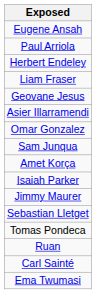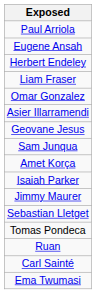 <table class="wikitable" style="text-align:center">
 <tr>
 <th>Exposed</th>
 </tr>
 <tr>
-<td><a href='#'>Eugene Ansah</a></td>
+<td><a href='#'>Paul Arriola</a></td>
 </tr>
 <tr>
-<td><a href='#'>Paul Arriola</a></td>
+<td><a href='#'>Eugene Ansah</a></td>
 </tr>
 <tr>
 <td><a href='#'>Herbert Endeley</a></td>
 </tr>
 <tr>
 <td><a href='#'>Liam Fraser</a></td>
 </tr>
 <tr>
-<td><a href='#'>Geovane Jesus</a></td>
+<td><a href='#'>Omar Gonzalez</a></td>
 </tr>
 <tr>
 <td><a href='#'>Asier Illarramendi</a></td>
 </tr>
 <tr>
-<td><a href='#'>Omar Gonzalez</a></td>
+<td><a href='#'>Geovane Jesus</a></td>
 </tr>
 <tr>
 <td><a href='#'>Sam Junqua</a></td>
 </tr>
 <tr>
 <td><a href='#'>Amet Korça</a></td>
 </tr>
 <tr>
 <td><a href='#'>Isaiah Parker</a></td>
 </tr>
 <tr>
 <td><a href='#'>Jimmy Maurer</a></td>
 </tr>
 <tr>
 <td><a href='#'>Sebastian Lletget</a></td>
 </tr>
 <tr>
 <td>Tomas Pondeca</td>
 </tr>
 <tr>
 <td><a href='#'>Ruan</a></td>
 </tr>
 <tr>
 <td><a href='#'>Carl Sainté</a></td>
 </tr>
 <tr>
 <td><a href='#'>Ema Twumasi</a></td>
 </tr>
 </table>
